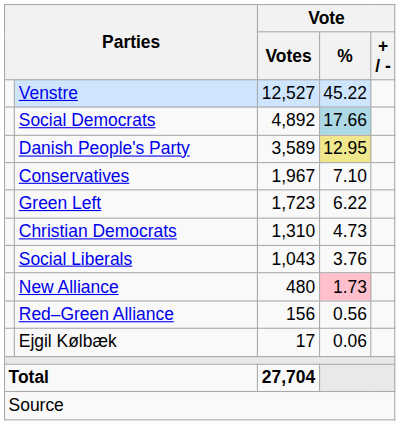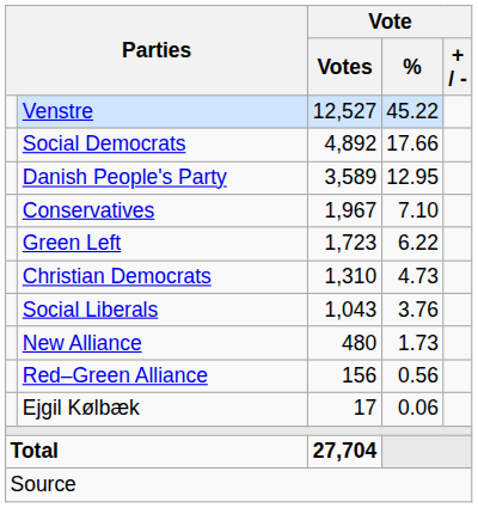 <table class="wikitable" style="text-align:right;">
 <tr>
 <th style="text-align:centre;" rowspan="2" colspan="2" width="225">Parties</th>
 <th colspan="3">Vote</th>
 </tr>
 <tr>
 <th width="15">Votes</th>
 <th width="15">%</th>
 <th width="15">+ / -</th>
 </tr>
 <tr>
 <td width="2" style="color:inherit;background:"></td>
 <td bgcolor=#cfe5fe  align="left"><a href='#'>Venstre</a></td>
 <td bgcolor=#cfe5fe>12,527</td>
 <td bgcolor=#cfe5fe>45.22</td>
 <td></td>
 </tr>
 <tr>
 <td width="2" style="color:inherit;background:"></td>
 <td align="left"><a href='#'>Social Democrats</a></td>
 <td>4,892</td>
-<td style="background: lightblue;">17.66</td>
+<td>17.66</td>
 <td></td>
 </tr>
 <tr>
 <td width="2" style="color:inherit;background:"></td>
 <td align="left"><a href='#'>Danish People's Party</a></td>
 <td>3,589</td>
-<td style="background: khaki;">12.95</td>
+<td>12.95</td>
 <td></td>
 </tr>
 <tr>
 <td width="2" style="color:inherit;background:"></td>
 <td align="left"><a href='#'>Conservatives</a></td>
 <td>1,967</td>
 <td>7.10</td>
 <td></td>
 </tr>
 <tr>
 <td width="2" style="color:inherit;background:"></td>
 <td align="left"><a href='#'>Green Left</a></td>
 <td>1,723</td>
 <td>6.22</td>
 <td></td>
 </tr>
 <tr>
 <td width="2" style="color:inherit;background:"></td>
 <td align="left"><a href='#'>Christian Democrats</a></td>
 <td>1,310</td>
 <td>4.73</td>
 <td></td>
 </tr>
 <tr>
 <td width="2" style="color:inherit;background:"></td>
 <td align="left"><a href='#'>Social Liberals</a></td>
 <td>1,043</td>
 <td>3.76</td>
 <td></td>
 </tr>
 <tr>
 <td width="2" style="color:inherit;background:"></td>
 <td align="left"><a href='#'>New Alliance</a></td>
 <td>480</td>
-<td style="background: pink;">1.73</td>
+<td>1.73</td>
 <td></td>
 </tr>
 <tr>
 <td width="2" style="color:inherit;background:"></td>
 <td align="left"><a href='#'>Red–Green Alliance</a></td>
 <td>156</td>
 <td>0.56</td>
 <td></td>
 </tr>
 <tr>
 <td width="2" style="color:inherit;background:"></td>
 <td align="left">Ejgil Kølbæk</td>
 <td>17</td>
 <td>0.06</td>
 <td></td>
 </tr>
 <tr>
 <td colspan="7" bgcolor="#E9E9E9"></td>
 </tr>
 <tr>
 <td align="left" colspan="2"><strong>Total</strong></td>
 <td><strong>27,704</strong></td>
 <td bgcolor="#E9E9E9" colspan="2"></td>
 </tr>
 <tr>
 <td align="left" colspan="6">Source</td>
 </tr>
 </table>
